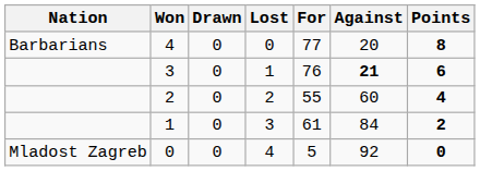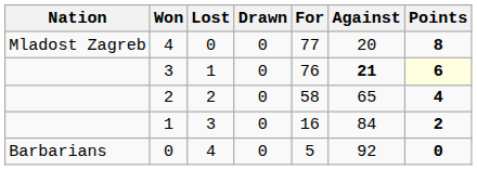 <table class="wikitable" style="text-align: center;">
 <tr>
 <th>Nation</th>
 <th>Won</th>
+<th>Lost</th>
 <th>Drawn</th>
-<th>Lost</th>
 <th>For</th>
 <th>Against</th>
 <th>Points</th>
 </tr>
 <tr>
-<td align="left">Barbarians</td>
+<td align="left"> Mladost Zagreb</td>
 <td>4</td>
 <td>0</td>
 <td>0</td>
 <td>77</td>
 <td>20</td>
 <td><strong>8</strong></td>
 </tr>
 <tr>
 <td align="left"></td>
 <td>3</td>
+<td>1</td>
 <td>0</td>
-<td>1</td>
 <td>76</td>
 <td><strong>21</strong></td>
-<td><strong>6</strong></td>
+<td style="background: lightyellow;"><strong>6</strong></td>
 </tr>
 <tr>
 <td align="left"></td>
 <td>2</td>
+<td>2</td>
 <td>0</td>
-<td>2</td>
-<td>55</td>
-<td>60</td>
+<td>58</td>
+<td>65</td>
 <td><strong>4</strong></td>
 </tr>
 <tr>
 <td align="left"></td>
 <td>1</td>
+<td>3</td>
 <td>0</td>
-<td>3</td>
-<td>61</td>
+<td>16</td>
 <td>84</td>
 <td><strong>2</strong></td>
 </tr>
 <tr>
-<td align="left"> Mladost Zagreb</td>
-<td>0</td>
+<td align="left">Barbarians</td>
 <td>0</td>
 <td>4</td>
+<td>0</td>
 <td>5</td>
 <td>92</td>
 <td><strong>0</strong></td>
 </tr>
 </table>
